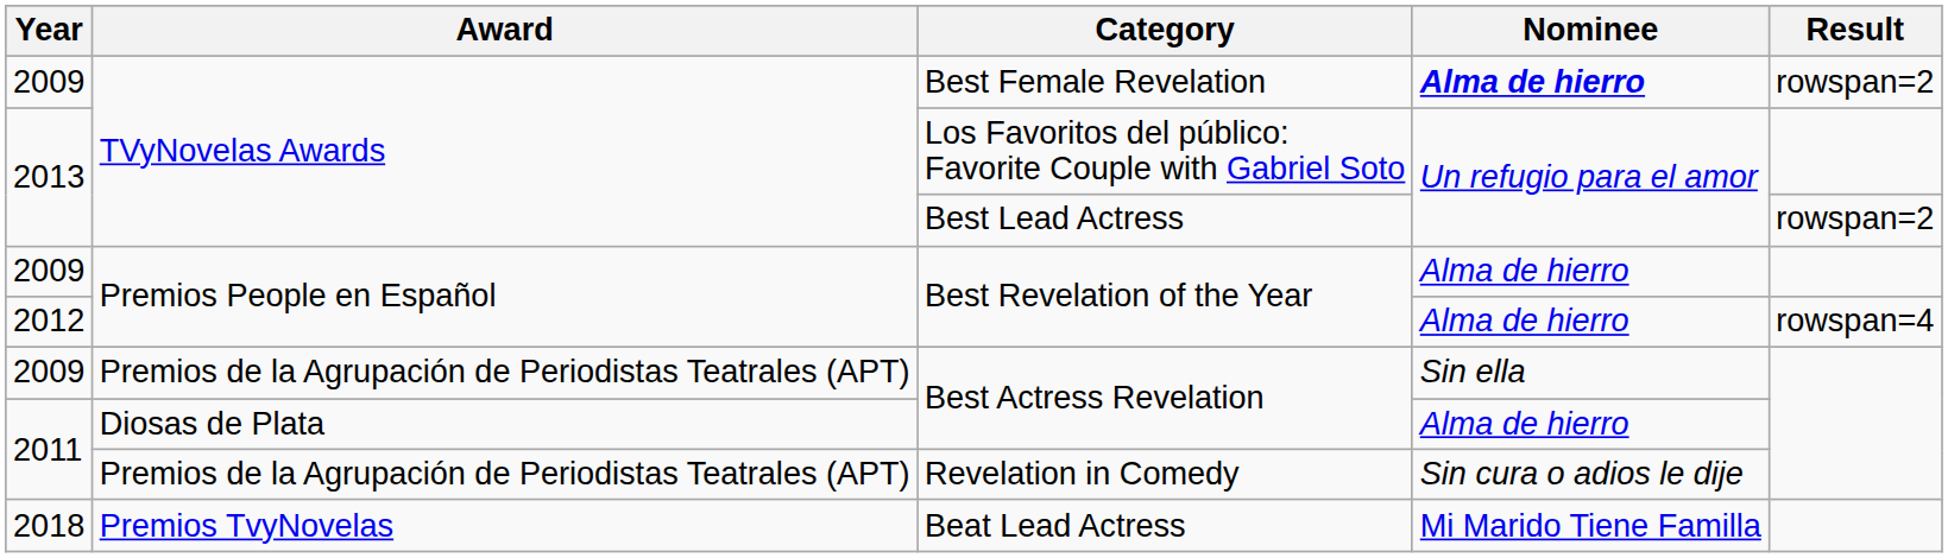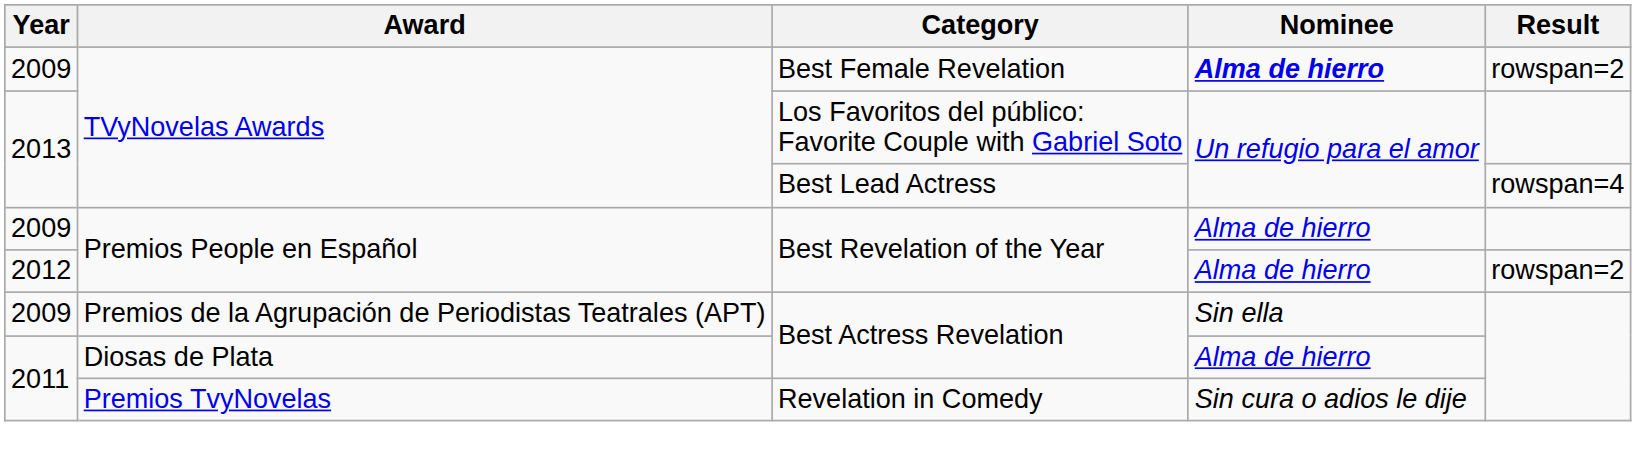 <table class="wikitable">
 <tr style="background:#b0c4de;">
 <th>Year</th>
 <th>Award</th>
 <th>Category</th>
 <th>Nominee</th>
 <th>Result</th>
 </tr>
 <tr>
 <td>2009</td>
 <td rowspan=3><a href='#'>TVyNovelas Awards</a></td>
 <td>Best Female Revelation</td>
 <td><strong><em><a href='#'>Alma de hierro</a></em></strong></td>
 <td>rowspan=2 </td>
 </tr>
 <tr>
 <td rowspan=2>2013</td>
 <td>Los Favoritos del público: <br> Favorite Couple with <a href='#'>Gabriel Soto</a></td>
 <td rowspan=2><em><a href='#'>Un refugio para el amor</a></em></td>
 </tr>
 <tr>
 <td>Best Lead Actress</td>
-<td>rowspan=2 </td>
+<td>rowspan=4 </td>
 </tr>
 <tr>
 <td>2009</td>
 <td rowspan=2>Premios People en Español</td>
 <td rowspan=2>Best Revelation of the Year</td>
 <td><em><a href='#'>Alma de hierro</a></em></td>
 </tr>
 <tr>
 <td>2012</td>
 <td><em><a href='#'>Alma de hierro</a></em></td>
-<td>rowspan=4 </td>
+<td>rowspan=2 </td>
 </tr>
 <tr>
 <td>2009</td>
 <td>Premios de la Agrupación de Periodistas Teatrales (APT)</td>
 <td rowspan=2>Best Actress Revelation</td>
 <td><em>Sin ella</em></td>
 </tr>
 <tr>
 <td rowspan=2>2011</td>
 <td>Diosas de Plata</td>
 <td><em><a href='#'>Alma de hierro</a></em></td>
 </tr>
 <tr>
-<td>Premios de la Agrupación de Periodistas Teatrales (APT)</td>
+<td><a href='#'>Premios TvyNovelas</a></td>
 <td>Revelation in Comedy</td>
 <td><em>Sin cura o adios le dije</em></td>
 </tr>
-<tr>
-<td>2018</td>
-<td><a href='#'>Premios TvyNovelas</a></td>
-<td>Beat Lead Actress</td>
-<td><a href='#'>Mi Marido Tiene Familla</a></td>
-<td></td>
-</tr>
 </table>
